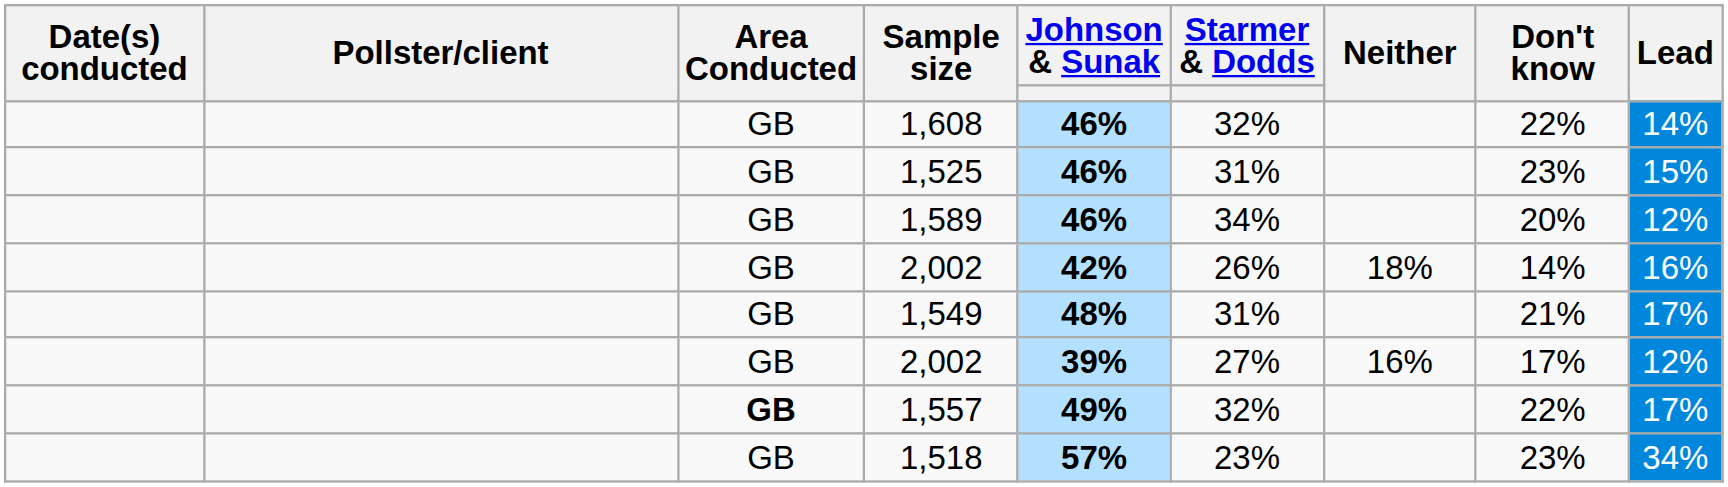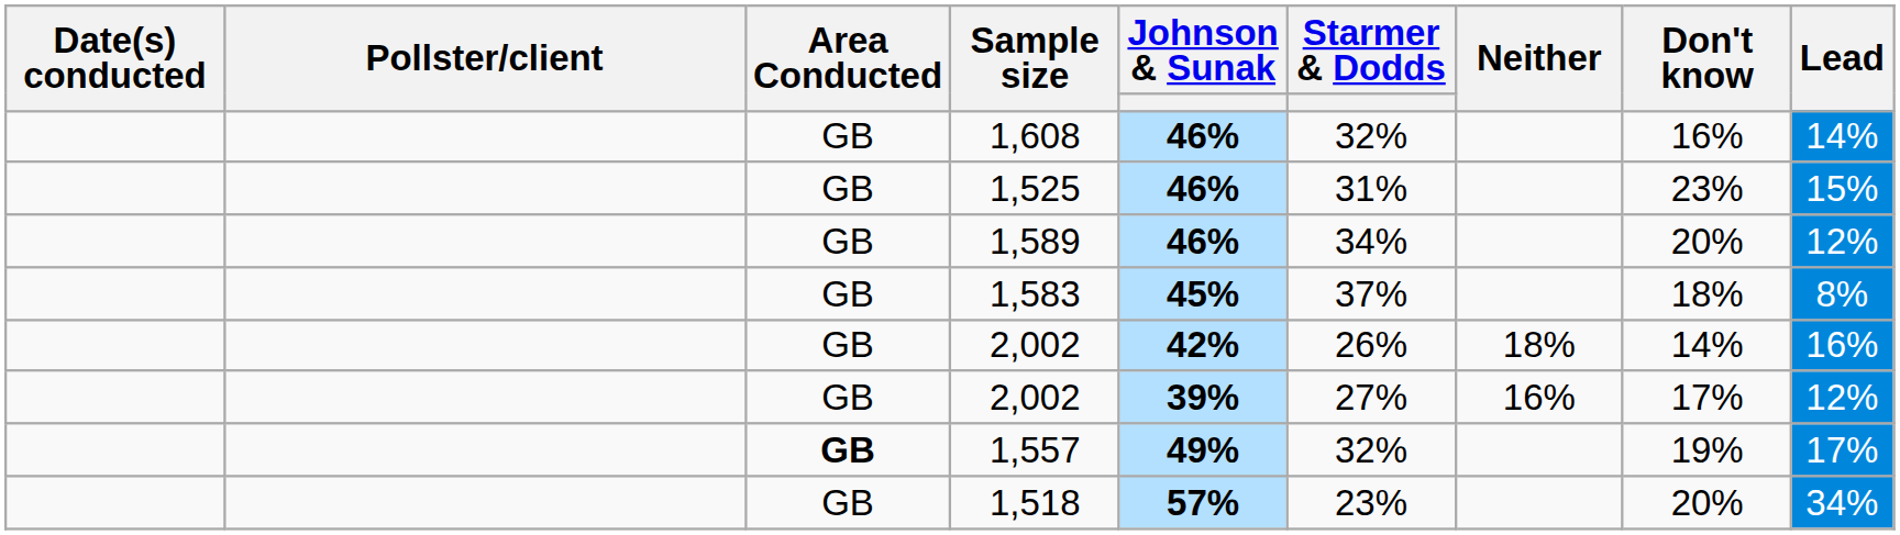 <table class="wikitable collapsible sortable mw-datatable" style="text-align:center;font-size:90%;line-height:14px">
 <tr>
 <th style="width:80px;" rowspan="2">Date(s)<br>conducted</th>
 <th style="width:200px;" rowspan="2">Pollster/client</th>
 <th style="width:60px;" rowspan="2">Area Conducted</th>
 <th style="width:60px;" rowspan="2">Sample size</th>
 <th style="width:60px;" class="unsortable"><a href='#'>Johnson</a> & <a href='#'>Sunak</a></th>
 <th style="width:60px;" class="unsortable"><a href='#'>Starmer</a> & <a href='#'>Dodds</a></th>
 <th style="width:60px;" rowspan="2" class="unsortable">Neither</th>
 <th style="width:60px;" rowspan="2" class="unsortable">Don't know</th>
 <th class="unsortable" style="width:20px;" rowspan="2">Lead</th>
 </tr>
 <tr>
 <th class="unsortable" style="color:inherit;background:"></th>
 <th class="unsortable" style="color:inherit;background:"></th>
 </tr>
 <tr>
 <td></td>
 <td></td>
 <td>GB</td>
 <td>1,608</td>
 <td style="background:#B3E0FF"><strong>46%</strong></td>
 <td>32%</td>
 <td></td>
-<td>22%</td>
+<td>16%</td>
 <td style="background:#0087DC; color:white;">14%</td>
 </tr>
 <tr>
 <td></td>
 <td></td>
 <td>GB</td>
 <td>1,525</td>
 <td style="background:#B3E0FF"><strong>46%</strong></td>
 <td>31%</td>
 <td></td>
 <td>23%</td>
 <td style="background:#0087DC; color:white;">15%</td>
 </tr>
 <tr>
 <td></td>
 <td></td>
 <td>GB</td>
 <td>1,589</td>
 <td style="background:#B3E0FF"><strong>46%</strong></td>
 <td>34%</td>
 <td></td>
 <td>20%</td>
 <td style="background:#0087DC; color:white;">12%</td>
 </tr>
 <tr>
 <td></td>
 <td></td>
 <td>GB</td>
+<td>1,583</td>
+<td style="background:#B3E0FF"><strong>45%</strong></td>
+<td>37%</td>
+<td></td>
+<td>18%</td>
+<td style="background:#0087DC; color:white;">8%</td>
+</tr>
+<tr>
+<td></td>
+<td></td>
+<td>GB</td>
 <td>2,002</td>
 <td style="background:#B3E0FF"><strong>42%</strong></td>
 <td>26%</td>
 <td>18%</td>
 <td>14%</td>
 <td style="background:#0087DC; color:white;">16%</td>
-</tr>
-<tr>
-<td></td>
-<td></td>
-<td>GB</td>
-<td>1,549</td>
-<td style="background:#B3E0FF"><strong>48%</strong></td>
-<td>31%</td>
-<td></td>
-<td>21%</td>
-<td style="background:#0087DC; color:white;">17%</td>
 </tr>
 <tr>
 <td></td>
 <td></td>
 <td>GB</td>
 <td>2,002</td>
 <td style="background:#B3E0FF"><strong>39%</strong></td>
 <td>27%</td>
 <td>16%</td>
 <td>17%</td>
 <td style="background:#0087DC; color:white;">12%</td>
 </tr>
 <tr>
 <td></td>
 <td></td>
 <td><strong>GB</strong></td>
 <td>1,557</td>
 <td style="background:#B3E0FF"><strong>49%</strong></td>
 <td>32%</td>
 <td></td>
-<td>22%</td>
+<td>19%</td>
 <td style="background:#0087DC; color:white;">17%</td>
 </tr>
 <tr>
 <td></td>
 <td></td>
 <td>GB</td>
 <td>1,518</td>
 <td style="background:#B3E0FF"><strong>57%</strong></td>
 <td>23%</td>
 <td></td>
-<td>23%</td>
+<td>20%</td>
 <td style="background:#0087DC; color:white;">34%</td>
 </tr>
 </table>
